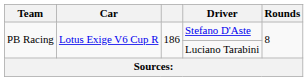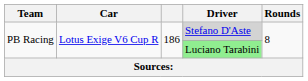 <table class="wikitable" style="font-size: 85%;">
 <tr>
 <th>Team</th>
 <th>Car</th>
 <th></th>
 <th>Driver</th>
 <th>Rounds</th>
 </tr>
 <tr>
 <td rowspan=2> PB Racing</td>
 <td rowspan=2><a href='#'>Lotus Exige V6 Cup R</a></td>
 <td rowspan=2 align=center>186</td>
-<td> <a href='#'>Stefano D'Aste</a></td>
+<td style="background: lightgrey;"> <a href='#'>Stefano D'Aste</a></td>
 <td rowspan=2>8</td>
 </tr>
 <tr>
-<td> Luciano Tarabini</td>
+<td style="background: lightgreen;"> Luciano Tarabini</td>
 </tr>
 <tr>
 <th colspan=5>Sources:</th>
 </tr>
 </table>
